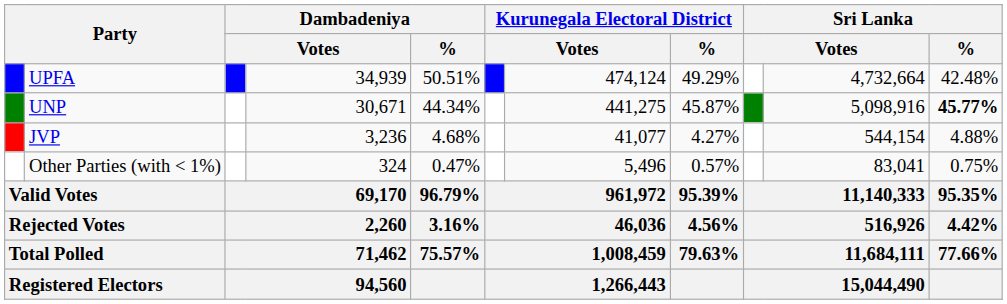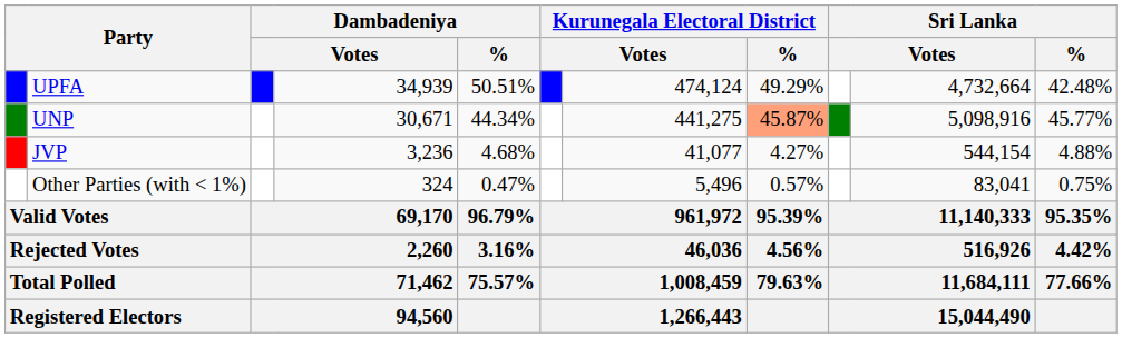 <table class="wikitable">
 <tr>
 <th colspan="2" width="144px"rowspan="2">Party</th>
 <th colspan="3" width="216px">Dambadeniya</th>
 <th colspan="3" width="216px"><a href='#'>Kurunegala Electoral District</a></th>
 <th colspan="3" width="216px">Sri Lanka</th>
 </tr>
 <tr>
 <th colspan="2" width="144px">Votes</th>
 <th>%</th>
 <th colspan="2" width="144px">Votes</th>
 <th>%</th>
 <th colspan="2" width="144px">Votes</th>
 <th>%</th>
 </tr>
 <tr>
 <td style="background-color:blue;" width="10px"></td>
 <td style="text-align:left;"><a href='#'>UPFA</a></td>
 <td style="background-color:blue;" width="10px"></td>
 <td style="text-align:right;">34,939</td>
 <td style="text-align:right;">50.51%</td>
 <td style="background-color:blue;" width="10px"></td>
 <td style="text-align:right;">474,124</td>
 <td style="text-align:right;">49.29%</td>
 <td style="background-color:white;" width="10px"></td>
 <td style="text-align:right;">4,732,664</td>
 <td style="text-align:right;">42.48%</td>
 </tr>
 <tr>
 <td style="background-color:green;" width="10px"></td>
 <td style="text-align:left;"><a href='#'>UNP</a></td>
 <td style="background-color:white;" width="10px"></td>
 <td style="text-align:right;">30,671</td>
 <td style="text-align:right;">44.34%</td>
 <td style="background-color:white;" width="10px"></td>
 <td style="text-align:right;">441,275</td>
-<td style="text-align:right;">45.87%</td>
+<td style="background: lightsalmon; text-align:right;">45.87%</td>
 <td style="background-color:green;" width="10px"></td>
 <td style="text-align:right;">5,098,916</td>
-<td style="text-align:right;"><strong>45.77%</strong></td>
+<td style="text-align:right;">45.77%</td>
 </tr>
 <tr>
 <td style="background-color:red;" width="10px"></td>
 <td style="text-align:left;"><a href='#'>JVP</a></td>
 <td style="background-color:white;" width="10px"></td>
 <td style="text-align:right;">3,236</td>
 <td style="text-align:right;">4.68%</td>
 <td style="background-color:white;" width="10px"></td>
 <td style="text-align:right;">41,077</td>
 <td style="text-align:right;">4.27%</td>
 <td style="background-color:white;" width="10px"></td>
 <td style="text-align:right;">544,154</td>
 <td style="text-align:right;">4.88%</td>
 </tr>
 <tr>
 <td style="background-color:white;" width="10px"></td>
 <td style="text-align:left;">Other Parties (with < 1%)</td>
 <td style="background-color:white;" width="10px"></td>
 <td style="text-align:right;">324</td>
 <td style="text-align:right;">0.47%</td>
 <td style="background-color:white;" width="10px"></td>
 <td style="text-align:right;">5,496</td>
 <td style="text-align:right;">0.57%</td>
 <td style="background-color:white;" width="10px"></td>
 <td style="text-align:right;">83,041</td>
 <td style="text-align:right;">0.75%</td>
 </tr>
 <tr>
 <th colspan="2" width="144px"style="text-align:left;">Valid Votes</th>
 <th style="text-align:right;"colspan="2" width="144px">69,170</th>
 <th style="text-align:right;">96.79%</th>
 <th style="text-align:right;"colspan="2" width="144px">961,972</th>
 <th style="text-align:right;">95.39%</th>
 <th style="text-align:right;"colspan="2" width="144px">11,140,333</th>
 <th style="text-align:right;">95.35%</th>
 </tr>
 <tr>
 <th colspan="2" width="144px"style="text-align:left;">Rejected Votes</th>
 <th style="text-align:right;"colspan="2" width="144px">2,260</th>
 <th style="text-align:right;">3.16%</th>
 <th style="text-align:right;"colspan="2" width="144px">46,036</th>
 <th style="text-align:right;">4.56%</th>
 <th style="text-align:right;"colspan="2" width="144px">516,926</th>
 <th style="text-align:right;">4.42%</th>
 </tr>
 <tr>
 <th colspan="2" width="144px"style="text-align:left;">Total Polled</th>
 <th style="text-align:right;"colspan="2" width="144px">71,462</th>
 <th style="text-align:right;">75.57%</th>
 <th style="text-align:right;"colspan="2" width="144px">1,008,459</th>
 <th style="text-align:right;">79.63%</th>
 <th style="text-align:right;"colspan="2" width="144px">11,684,111</th>
 <th style="text-align:right;">77.66%</th>
 </tr>
 <tr>
 <th colspan="2" width="144px"style="text-align:left;">Registered Electors</th>
 <th style="text-align:right;"colspan="2" width="144px">94,560</th>
 <th></th>
 <th style="text-align:right;"colspan="2" width="144px">1,266,443</th>
 <th></th>
 <th style="text-align:right;"colspan="2" width="144px">15,044,490</th>
 <th></th>
 </tr>
 </table>
